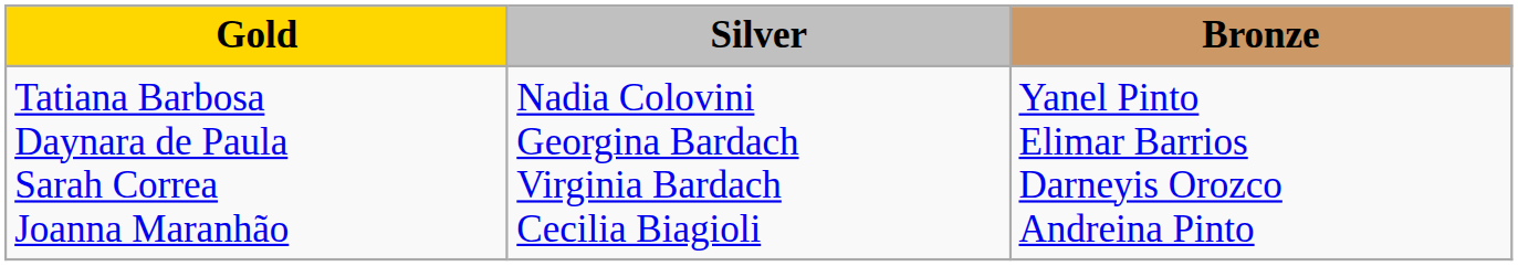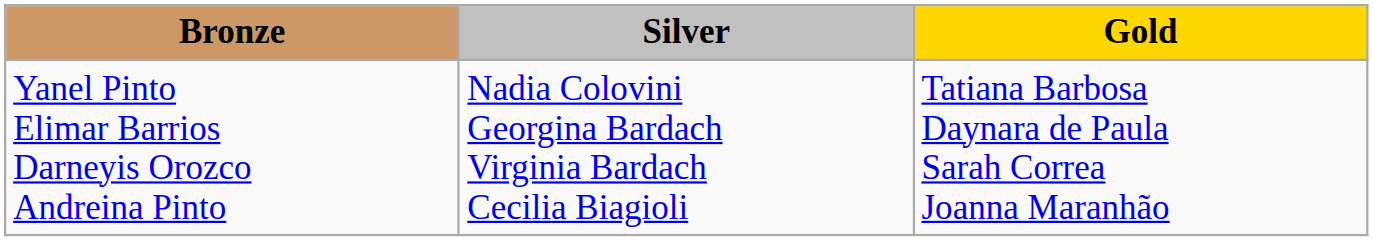 <table class="wikitable" style="text-align:left">
 <tr align="center">
+<td width=200 bgcolor=CC9966><strong>Bronze</strong></td>
+<td width=200 bgcolor=silver><strong>Silver</strong></td>
 <td width=200 bgcolor=gold><strong>Gold</strong></td>
-<td width=200 bgcolor=silver><strong>Silver</strong></td>
-<td width=200 bgcolor=CC9966><strong>Bronze</strong></td>
 </tr>
 <tr>
+<td><a href='#'>Yanel Pinto</a><br><a href='#'>Elimar Barrios</a><br><a href='#'>Darneyis Orozco</a><br><a href='#'>Andreina Pinto</a><br><em></em></td>
+<td><a href='#'>Nadia Colovini</a><br><a href='#'>Georgina Bardach</a><br><a href='#'>Virginia Bardach</a><br><a href='#'>Cecilia Biagioli</a><br><em></em></td>
 <td><a href='#'>Tatiana Barbosa</a><br><a href='#'>Daynara de Paula</a><br><a href='#'>Sarah Correa</a><br><a href='#'>Joanna Maranhão</a><br><em></em></td>
-<td><a href='#'>Nadia Colovini</a><br><a href='#'>Georgina Bardach</a><br><a href='#'>Virginia Bardach</a><br><a href='#'>Cecilia Biagioli</a><br><em></em></td>
-<td><a href='#'>Yanel Pinto</a><br><a href='#'>Elimar Barrios</a><br><a href='#'>Darneyis Orozco</a><br><a href='#'>Andreina Pinto</a><br><em></em></td>
 </tr>
 </table>
